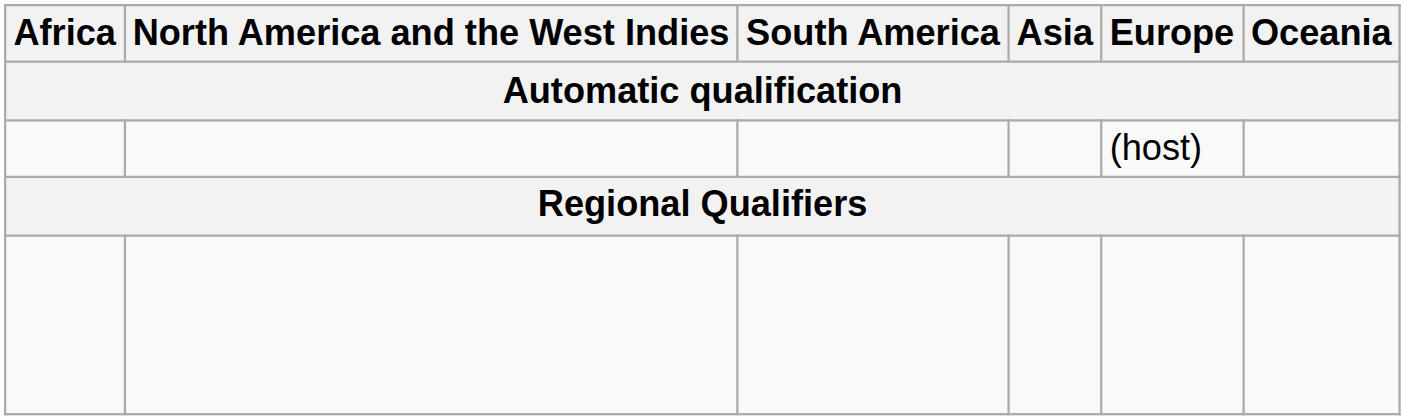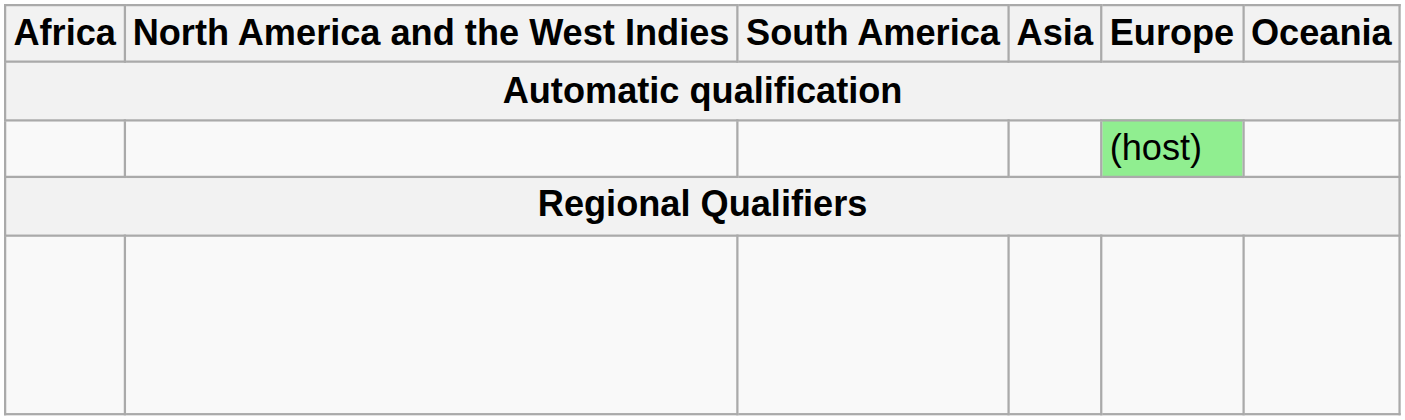 <table Class = "wikitable">
 <tr>
 <th>Africa</th>
 <th>North America and the West Indies</th>
 <th>South America</th>
 <th>Asia</th>
 <th>Europe</th>
 <th>Oceania</th>
 </tr>
 <tr>
 <th colspan=6>Automatic qualification</th>
 </tr>
 <tr>
 <td></td>
 <td></td>
 <td></td>
 <td></td>
-<td> (host)</td>
+<td style="background: lightgreen;"> (host)</td>
 <td><br></td>
 </tr>
 <tr>
 <th colspan=6>Regional Qualifiers</th>
 </tr>
 <tr>
 <td></td>
 <td></td>
 <td></td>
 <td><br></td>
 <td><br><br><br><br></td>
 <td></td>
 </tr>
 </table>
